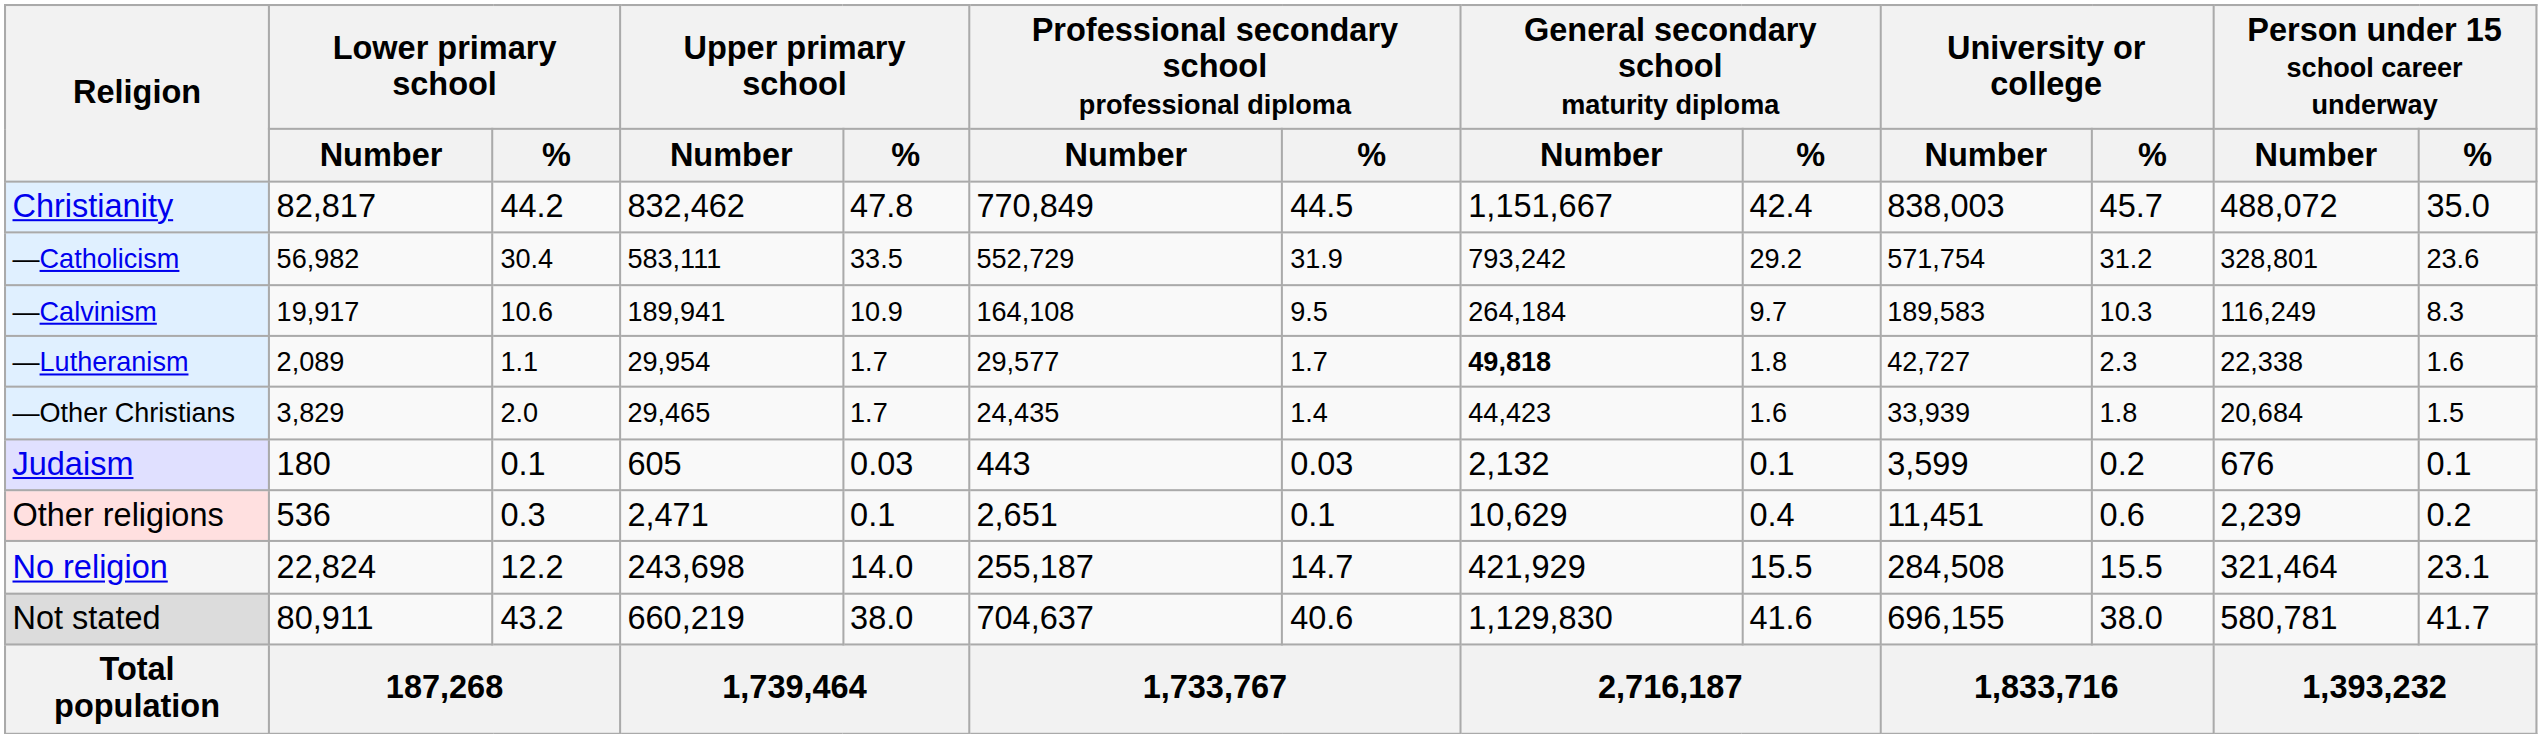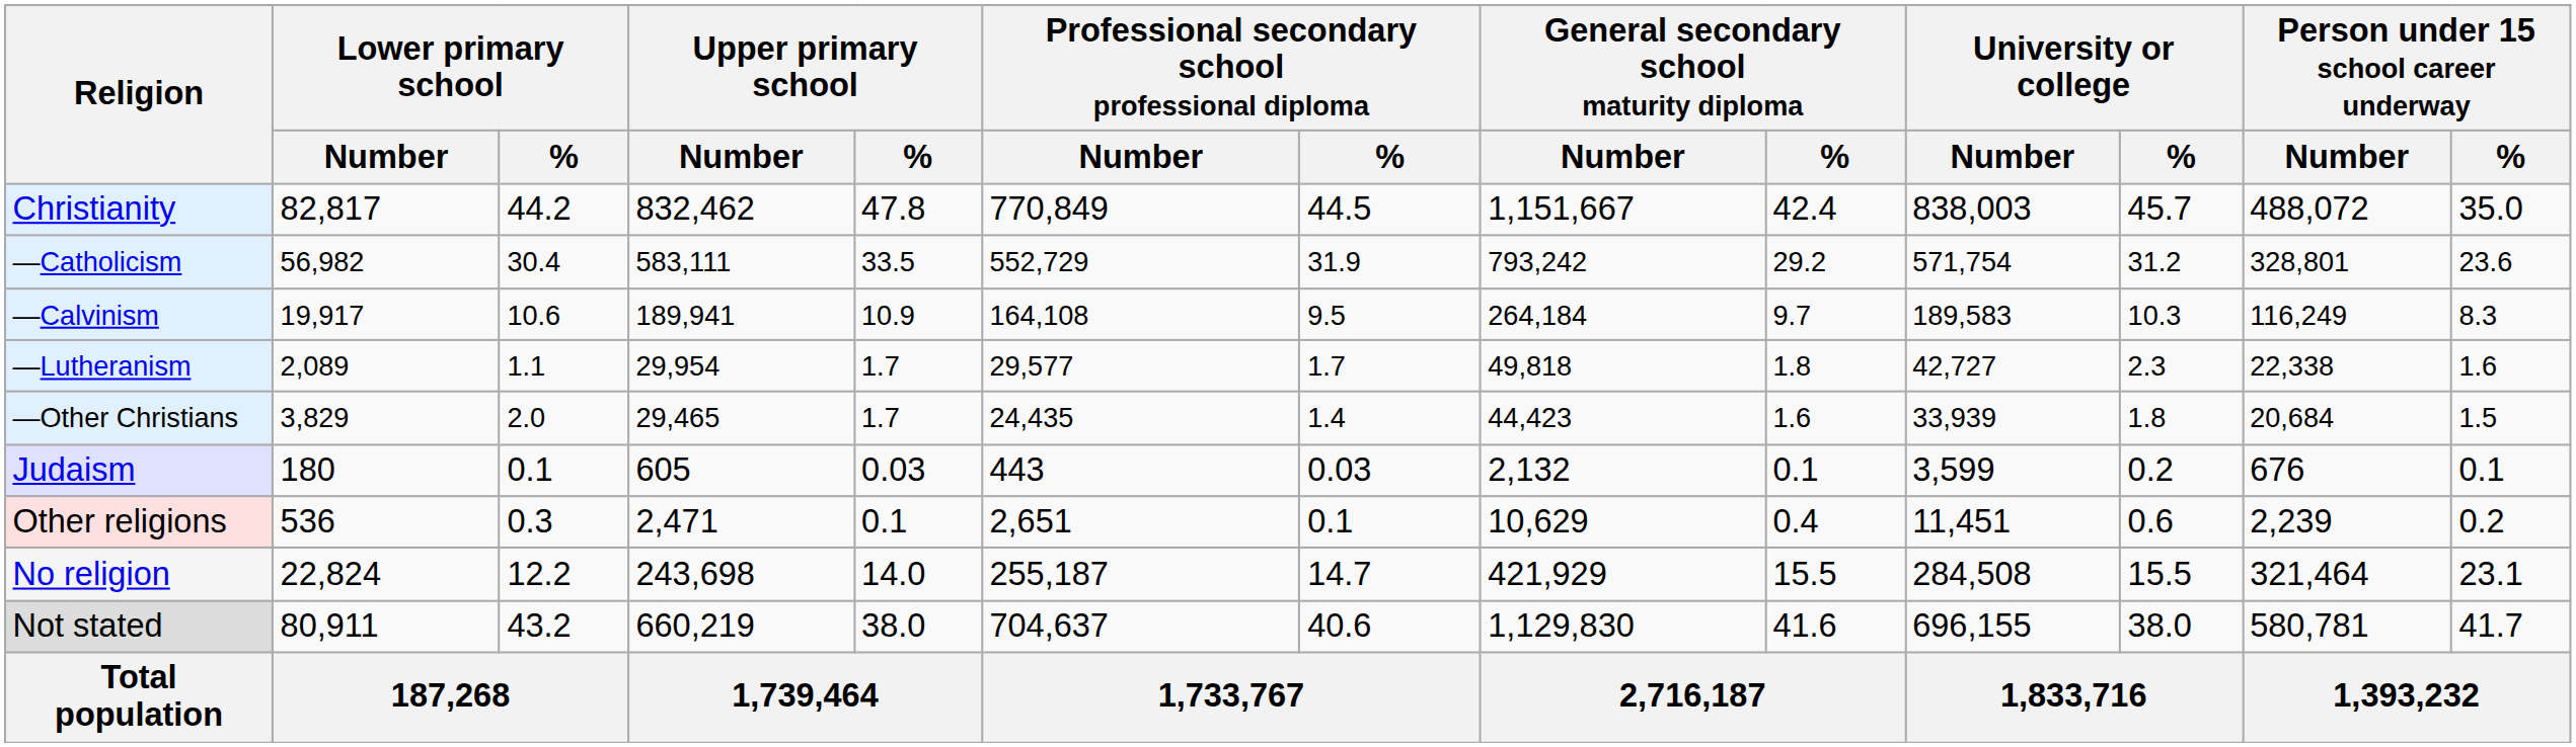 <table class="wikitable sortable">
 <tr>
 <th rowspan="2">Religion</th>
 <th colspan="2">Lower primary school</th>
 <th colspan="2">Upper primary school</th>
 <th colspan="2">Professional secondary school<br><small>professional diploma</small></th>
 <th colspan="2">General secondary school<br><small>maturity diploma</small></th>
 <th colspan="2">University or college</th>
 <th colspan="2">Person under 15<br><small>school career underway</small></th>
 </tr>
 <tr>
 <th>Number</th>
 <th>%</th>
 <th>Number</th>
 <th>%</th>
 <th>Number</th>
 <th>%</th>
 <th>Number</th>
 <th>%</th>
 <th>Number</th>
 <th>%</th>
 <th>Number</th>
 <th>%</th>
 </tr>
 <tr>
 <td style="background:#E0F0FF;"><a href='#'>Christianity</a></td>
 <td>82,817</td>
 <td>44.2</td>
 <td>832,462</td>
 <td>47.8</td>
 <td>770,849</td>
 <td>44.5</td>
 <td>1,151,667</td>
 <td>42.4</td>
 <td>838,003</td>
 <td>45.7</td>
 <td>488,072</td>
 <td>35.0</td>
 </tr>
 <tr>
 <td style="background:#E0F0FF;"><small>—<a href='#'>Catholicism</a></small></td>
 <td><small>56,982</small></td>
 <td><small>30.4</small></td>
 <td><small>583,111</small></td>
 <td><small>33.5</small></td>
 <td><small>552,729</small></td>
 <td><small>31.9</small></td>
 <td><small>793,242</small></td>
 <td><small>29.2</small></td>
 <td><small>571,754</small></td>
 <td><small>31.2</small></td>
 <td><small>328,801</small></td>
 <td><small>23.6</small></td>
 </tr>
 <tr>
 <td style="background:#E0F0FF;"><small>—<a href='#'>Calvinism</a></small></td>
 <td><small>19,917</small></td>
 <td><small>10.6</small></td>
 <td><small>189,941</small></td>
 <td><small>10.9</small></td>
 <td><small>164,108</small></td>
 <td><small>9.5</small></td>
 <td><small>264,184</small></td>
 <td><small>9.7</small></td>
 <td><small>189,583</small></td>
 <td><small>10.3</small></td>
 <td><small>116,249</small></td>
 <td><small>8.3</small></td>
 </tr>
 <tr>
 <td style="background:#E0F0FF;"><small>—<a href='#'>Lutheranism</a></small></td>
 <td><small>2,089</small></td>
 <td><small>1.1</small></td>
 <td><small>29,954</small></td>
 <td><small>1.7</small></td>
 <td><small>29,577</small></td>
 <td><small>1.7</small></td>
-<td><strong><small>49,818</small></strong></td>
+<td><small>49,818</small></td>
 <td><small>1.8</small></td>
 <td><small>42,727</small></td>
 <td><small>2.3</small></td>
 <td><small>22,338</small></td>
 <td><small>1.6</small></td>
 </tr>
 <tr>
 <td style="background:#E0F0FF;"><small>—Other Christians</small></td>
 <td><small>3,829</small></td>
 <td><small>2.0</small></td>
 <td><small>29,465</small></td>
 <td><small>1.7</small></td>
 <td><small>24,435</small></td>
 <td><small>1.4</small></td>
 <td><small>44,423</small></td>
 <td><small>1.6</small></td>
 <td><small>33,939</small></td>
 <td><small>1.8</small></td>
 <td><small>20,684</small></td>
 <td><small>1.5</small></td>
 </tr>
 <tr>
 <td style="background:#E0E0FF;"><a href='#'>Judaism</a></td>
 <td>180</td>
 <td>0.1</td>
 <td>605</td>
 <td>0.03</td>
 <td>443</td>
 <td>0.03</td>
 <td>2,132</td>
 <td>0.1</td>
 <td>3,599</td>
 <td>0.2</td>
 <td>676</td>
 <td>0.1</td>
 </tr>
 <tr>
 <td style="background:#FFE0E0;">Other religions</td>
 <td>536</td>
 <td>0.3</td>
 <td>2,471</td>
 <td>0.1</td>
 <td>2,651</td>
 <td>0.1</td>
 <td>10,629</td>
 <td>0.4</td>
 <td>11,451</td>
 <td>0.6</td>
 <td>2,239</td>
 <td>0.2</td>
 </tr>
 <tr>
 <td style="background:#F5F5F5;"><a href='#'>No religion</a></td>
 <td>22,824</td>
 <td>12.2</td>
 <td>243,698</td>
 <td>14.0</td>
 <td>255,187</td>
 <td>14.7</td>
 <td>421,929</td>
 <td>15.5</td>
 <td>284,508</td>
 <td>15.5</td>
 <td>321,464</td>
 <td>23.1</td>
 </tr>
 <tr>
 <td style="background:#DCDCDC;">Not stated</td>
 <td>80,911</td>
 <td>43.2</td>
 <td>660,219</td>
 <td>38.0</td>
 <td>704,637</td>
 <td>40.6</td>
 <td>1,129,830</td>
 <td>41.6</td>
 <td>696,155</td>
 <td>38.0</td>
 <td>580,781</td>
 <td>41.7</td>
 </tr>
 <tr>
 <th>Total population</th>
 <th colspan="2">187,268</th>
 <th colspan="2">1,739,464</th>
 <th colspan="2">1,733,767</th>
 <th colspan="2">2,716,187</th>
 <th colspan="2">1,833,716</th>
 <th colspan="2">1,393,232</th>
 </tr>
 </table>
